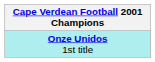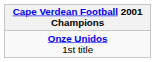 <table class="wikitable" style="margin: 0 auto; width: 240px;">
 <tr>
 <th><a href='#'>Cape Verdean Football</a> 2001<br>Champions</th>
 </tr>
 <tr>
-<td align=center style="background: paleturquoise;"><strong><a href='#'>Onze Unidos</a></strong><br>1st title</td>
+<td align=center><strong><a href='#'>Onze Unidos</a></strong><br>1st title</td>
 </tr>
 </table>
